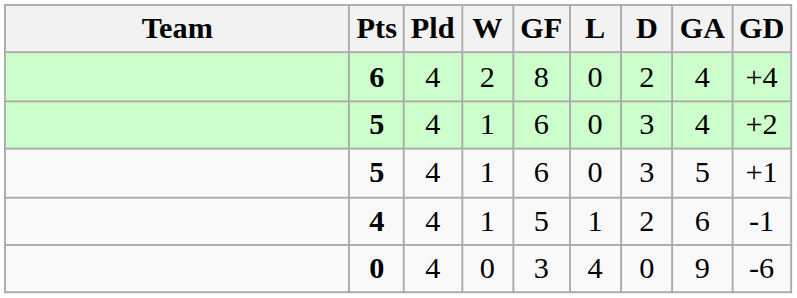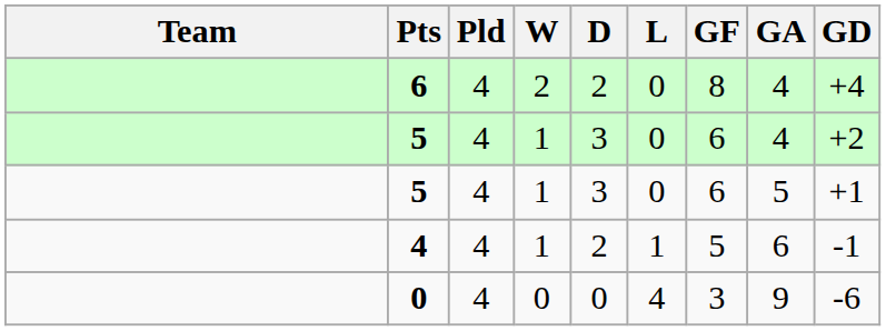 <table class="wikitable" style="text-align: center;">
 <tr>
 <th width=175>Team</th>
 <th width=20>Pts</th>
 <th width=20>Pld</th>
 <th width=20>W</th>
+<th width=20>D</th>
+<th width=20>L</th>
 <th width=20>GF</th>
-<th width=20>L</th>
-<th width=20>D</th>
 <th width=20>GA</th>
 <th width=20>GD</th>
 </tr>
 <tr bgcolor=ccffcc>
 <td align=left></td>
 <td><strong>6</strong></td>
 <td>4</td>
 <td>2</td>
+<td>2</td>
+<td>0</td>
 <td>8</td>
-<td>0</td>
-<td>2</td>
 <td>4</td>
 <td>+4</td>
 </tr>
 <tr bgcolor=ccffcc>
 <td align=left></td>
 <td><strong>5</strong></td>
 <td>4</td>
 <td>1</td>
+<td>3</td>
+<td>0</td>
 <td>6</td>
-<td>0</td>
-<td>3</td>
 <td>4</td>
 <td>+2</td>
 </tr>
 <tr>
 <td align=left></td>
 <td><strong>5</strong></td>
 <td>4</td>
 <td>1</td>
+<td>3</td>
+<td>0</td>
 <td>6</td>
-<td>0</td>
-<td>3</td>
 <td>5</td>
 <td>+1</td>
 </tr>
 <tr>
 <td align=left></td>
 <td><strong>4</strong></td>
 <td>4</td>
 <td>1</td>
+<td>2</td>
+<td>1</td>
 <td>5</td>
-<td>1</td>
-<td>2</td>
 <td>6</td>
 <td>-1</td>
 </tr>
 <tr>
 <td align=left></td>
 <td><strong>0</strong></td>
 <td>4</td>
 <td>0</td>
+<td>0</td>
+<td>4</td>
 <td>3</td>
-<td>4</td>
-<td>0</td>
 <td>9</td>
 <td>-6</td>
 </tr>
 </table>
